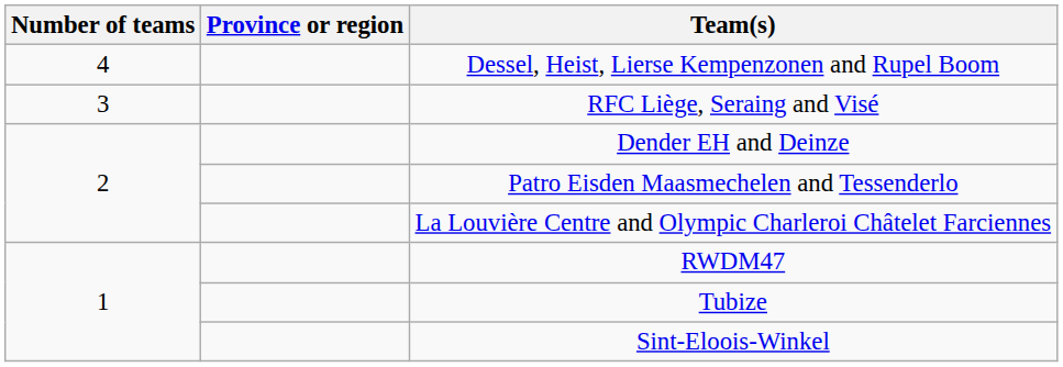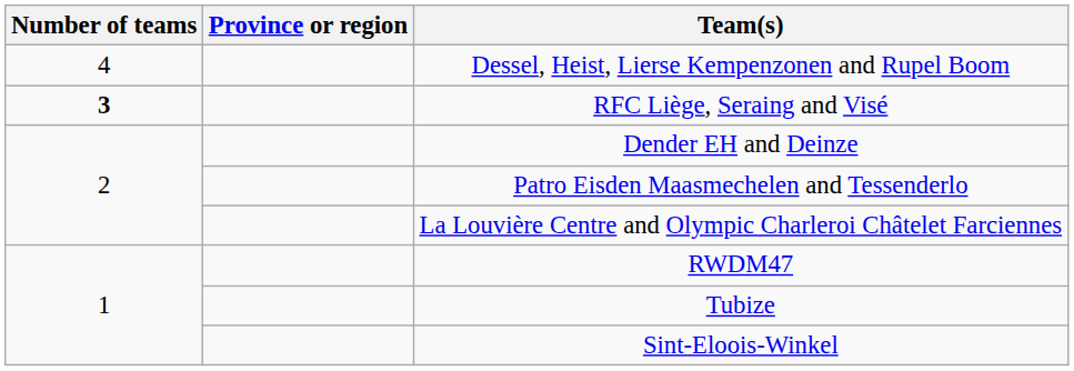 <table class="wikitable" style="text-align:center">
 <tr>
 <th>Number of teams</th>
 <th><a href='#'>Province</a> or region</th>
 <th>Team(s)</th>
 </tr>
 <tr>
 <td>4</td>
 <td align="left"></td>
 <td><a href='#'>Dessel</a>, <a href='#'>Heist</a>, <a href='#'>Lierse Kempenzonen</a> and <a href='#'>Rupel Boom</a></td>
 </tr>
 <tr>
-<td>3</td>
+<td><strong>3</strong></td>
 <td align="left"></td>
 <td><a href='#'>RFC Liège</a>, <a href='#'>Seraing</a> and <a href='#'>Visé</a></td>
 </tr>
 <tr>
 <td rowspan="3">2</td>
 <td align="left"></td>
 <td><a href='#'>Dender EH</a> and <a href='#'>Deinze</a></td>
 </tr>
 <tr>
 <td align="left"></td>
 <td><a href='#'>Patro Eisden Maasmechelen</a> and <a href='#'>Tessenderlo</a></td>
 </tr>
 <tr>
 <td align="left"></td>
 <td><a href='#'>La Louvière Centre</a> and <a href='#'>Olympic Charleroi Châtelet Farciennes</a></td>
 </tr>
 <tr>
 <td rowspan="3">1</td>
 <td align="left"></td>
 <td><a href='#'>RWDM47</a></td>
 </tr>
 <tr>
 <td align="left"></td>
 <td><a href='#'>Tubize</a></td>
 </tr>
 <tr>
 <td align="left"></td>
 <td><a href='#'>Sint-Eloois-Winkel</a></td>
 </tr>
 </table>
